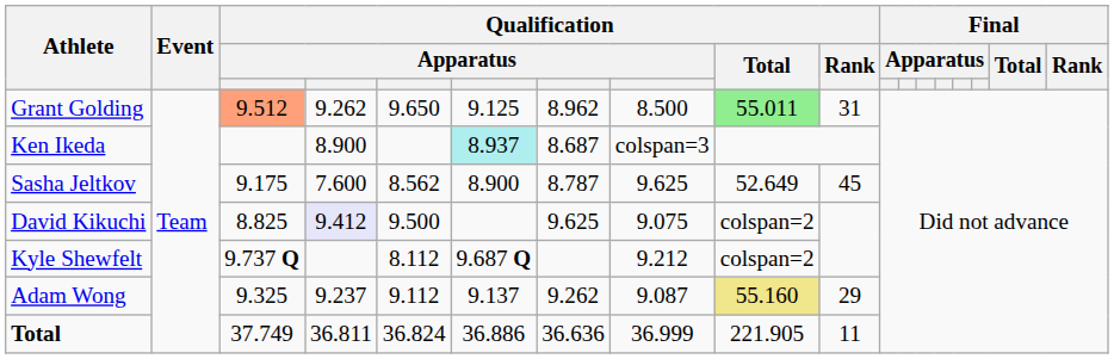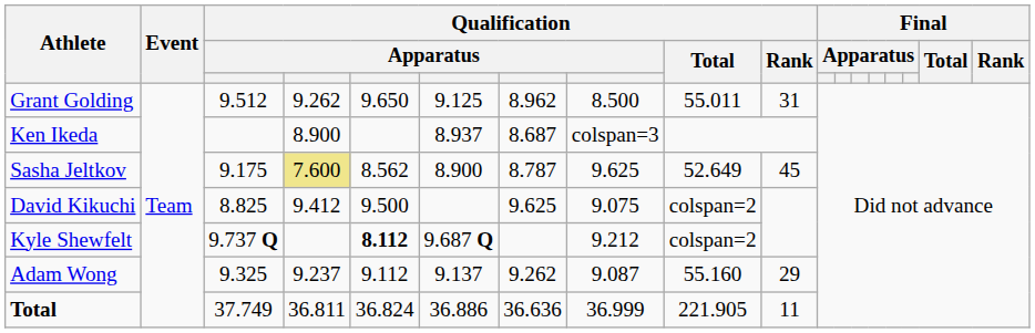 <table class="wikitable" style="font-size:90%">
 <tr>
 <th rowspan=3>Athlete</th>
 <th rowspan=3>Event</th>
 <th colspan =8>Qualification</th>
 <th colspan =8>Final</th>
 </tr>
 <tr style="font-size:95%">
 <th colspan=6>Apparatus</th>
 <th rowspan=2>Total</th>
 <th rowspan=2>Rank</th>
 <th colspan=6>Apparatus</th>
 <th rowspan=2>Total</th>
 <th rowspan=2>Rank</th>
 </tr>
 <tr style="font-size:95%">
 <th></th>
 <th></th>
 <th></th>
 <th></th>
 <th></th>
 <th></th>
 <th></th>
 <th></th>
 <th></th>
 <th></th>
 <th></th>
 <th></th>
 </tr>
 <tr align=center>
 <td align=left><a href='#'>Grant Golding</a></td>
 <td align=left rowspan=7><a href='#'>Team</a></td>
-<td style="background: lightsalmon;">9.512</td>
+<td>9.512</td>
 <td>9.262</td>
 <td>9.650</td>
 <td>9.125</td>
 <td>8.962</td>
 <td>8.500</td>
-<td style="background: lightgreen;">55.011</td>
+<td>55.011</td>
 <td>31</td>
 <td colspan=8 rowspan=7>Did not advance</td>
 </tr>
 <tr align=center>
 <td align=left><a href='#'>Ken Ikeda</a></td>
 <td></td>
 <td>8.900</td>
 <td></td>
-<td style="background: paleturquoise;">8.937</td>
+<td>8.937</td>
 <td>8.687</td>
 <td>colspan=3 </td>
 </tr>
 <tr align=center>
 <td align=left><a href='#'>Sasha Jeltkov</a></td>
 <td>9.175</td>
-<td>7.600</td>
+<td style="background: khaki;">7.600</td>
 <td>8.562</td>
 <td>8.900</td>
 <td>8.787</td>
 <td>9.625</td>
 <td>52.649</td>
 <td>45</td>
 </tr>
 <tr align=center>
 <td align=left><a href='#'>David Kikuchi</a></td>
 <td>8.825</td>
-<td style="background: lavender;">9.412</td>
+<td>9.412</td>
 <td>9.500</td>
 <td></td>
 <td>9.625</td>
 <td>9.075</td>
 <td>colspan=2 </td>
 </tr>
 <tr align=center>
 <td align=left><a href='#'>Kyle Shewfelt</a></td>
 <td>9.737 <strong>Q</strong></td>
 <td></td>
-<td>8.112</td>
+<td><strong>8.112</strong></td>
 <td>9.687 <strong>Q</strong></td>
 <td></td>
 <td>9.212</td>
 <td>colspan=2 </td>
 </tr>
 <tr align=center>
 <td align=left><a href='#'>Adam Wong</a></td>
 <td>9.325</td>
 <td>9.237</td>
 <td>9.112</td>
 <td>9.137</td>
 <td>9.262</td>
 <td>9.087</td>
-<td style="background: khaki;">55.160</td>
+<td>55.160</td>
 <td>29</td>
 </tr>
 <tr align=center>
 <td align=left><strong>Total</strong></td>
 <td>37.749</td>
 <td>36.811</td>
 <td>36.824</td>
 <td>36.886</td>
 <td>36.636</td>
 <td>36.999</td>
 <td>221.905</td>
 <td>11</td>
 </tr>
 </table>
